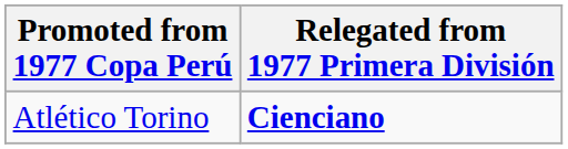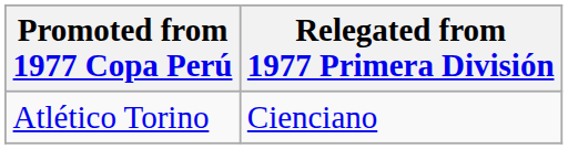 <table class="wikitable">
 <tr>
 <th>Promoted from<br><a href='#'>1977 Copa Perú</a></th>
 <th>Relegated from<br><a href='#'>1977 Primera División</a></th>
 </tr>
 <tr>
 <td> <a href='#'>Atlético Torino</a> </td>
-<td><strong> <a href='#'>Cienciano</a> </strong></td>
+<td> <a href='#'>Cienciano</a> </td>
 </tr>
 </table>
